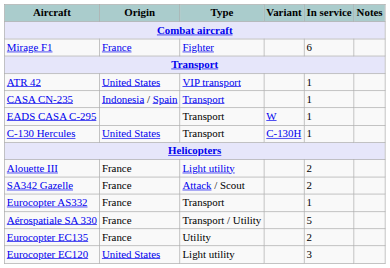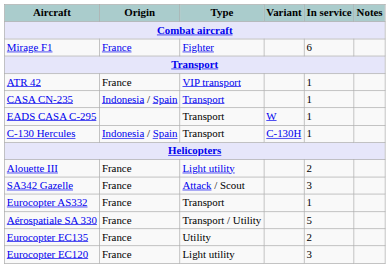 <table class="wikitable">
 <tr>
 <th style="text-align:center; background:#acc;">Aircraft</th>
 <th style="text-align: center; background:#acc;">Origin</th>
 <th style="text-align:l center; background:#acc;">Type</th>
 <th style="text-align:left; background:#acc;">Variant</th>
 <th style="text-align:center; background:#acc;">In service</th>
 <th style="text-align: center; background:#acc;">Notes</th>
 </tr>
 <tr>
 <th style="align: center; background: lavender;" colspan="7"><a href='#'>Combat aircraft</a></th>
 </tr>
 <tr>
 <td><a href='#'> Mirage F1</a></td>
 <td><a href='#'>France</a></td>
 <td><a href='#'>Fighter</a></td>
 <td></td>
 <td>6</td>
 <td></td>
 </tr>
 <tr>
 <th style="align: center; background: lavender;" colspan="7"><a href='#'>Transport</a></th>
 </tr>
 <tr>
 <td><a href='#'>ATR 42</a></td>
-<td><a href='#'>United States</a></td>
+<td>France</td>
 <td><a href='#'>VIP transport</a></td>
 <td></td>
 <td>1</td>
 <td></td>
 </tr>
 <tr>
 <td><a href='#'>CASA CN-235</a></td>
 <td><a href='#'>Indonesia</a> / <a href='#'>Spain</a></td>
 <td><a href='#'>Transport</a></td>
 <td></td>
 <td>1</td>
 <td></td>
 </tr>
 <tr>
 <td><a href='#'>EADS CASA C-295</a></td>
 <td></td>
 <td>Transport</td>
 <td><a href='#'>W</a></td>
 <td>1</td>
 <td></td>
 </tr>
 <tr>
 <td><a href='#'>C-130 Hercules</a></td>
-<td><a href='#'>United States</a></td>
+<td><a href='#'>Indonesia</a> / <a href='#'>Spain</a></td>
 <td>Transport</td>
 <td><a href='#'>C-130H</a></td>
 <td>1</td>
 <td></td>
 </tr>
 <tr>
 <th style="align: center; background: lavender;" colspan="7"><a href='#'>Helicopters</a></th>
 </tr>
 <tr>
 <td><a href='#'>Alouette III</a></td>
 <td>France</td>
 <td><a href='#'>Light utility</a></td>
 <td></td>
 <td>2</td>
 <td></td>
 </tr>
 <tr>
 <td><a href='#'>SA342 Gazelle</a></td>
 <td>France</td>
 <td><a href='#'>Attack</a> / Scout</td>
 <td></td>
-<td>2</td>
+<td>3</td>
 <td></td>
 </tr>
 <tr>
 <td><a href='#'> Eurocopter AS332</a></td>
 <td>France</td>
 <td>Transport</td>
 <td></td>
 <td>1</td>
 <td></td>
 </tr>
 <tr>
 <td><a href='#'> Aérospatiale SA 330</a></td>
 <td>France</td>
 <td>Transport / Utility</td>
 <td></td>
 <td>5</td>
 <td></td>
 </tr>
 <tr>
 <td><a href='#'>Eurocopter EC135</a></td>
 <td>France</td>
 <td>Utility</td>
 <td></td>
 <td>2</td>
 <td></td>
 </tr>
 <tr>
 <td><a href='#'>Eurocopter EC120</a></td>
-<td><a href='#'>United States</a></td>
+<td>France</td>
 <td>Light utility</td>
 <td></td>
 <td>3</td>
 <td></td>
 </tr>
 </table>
